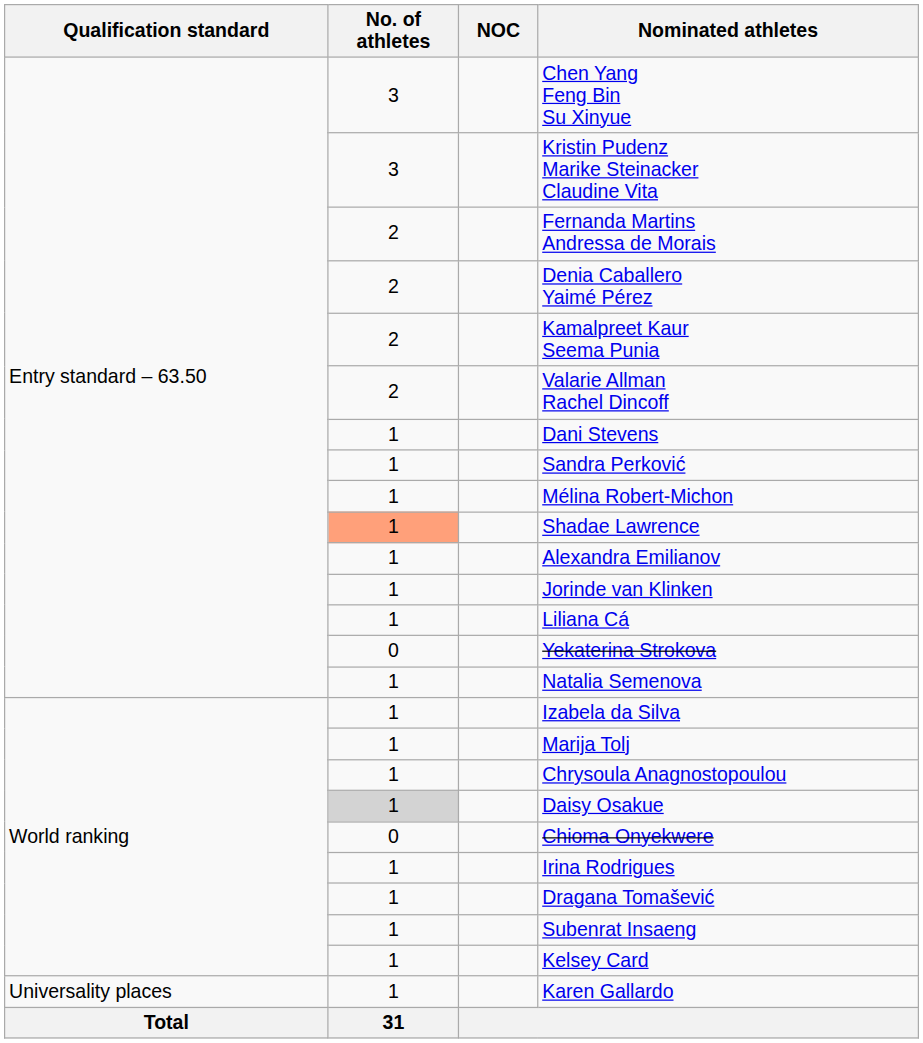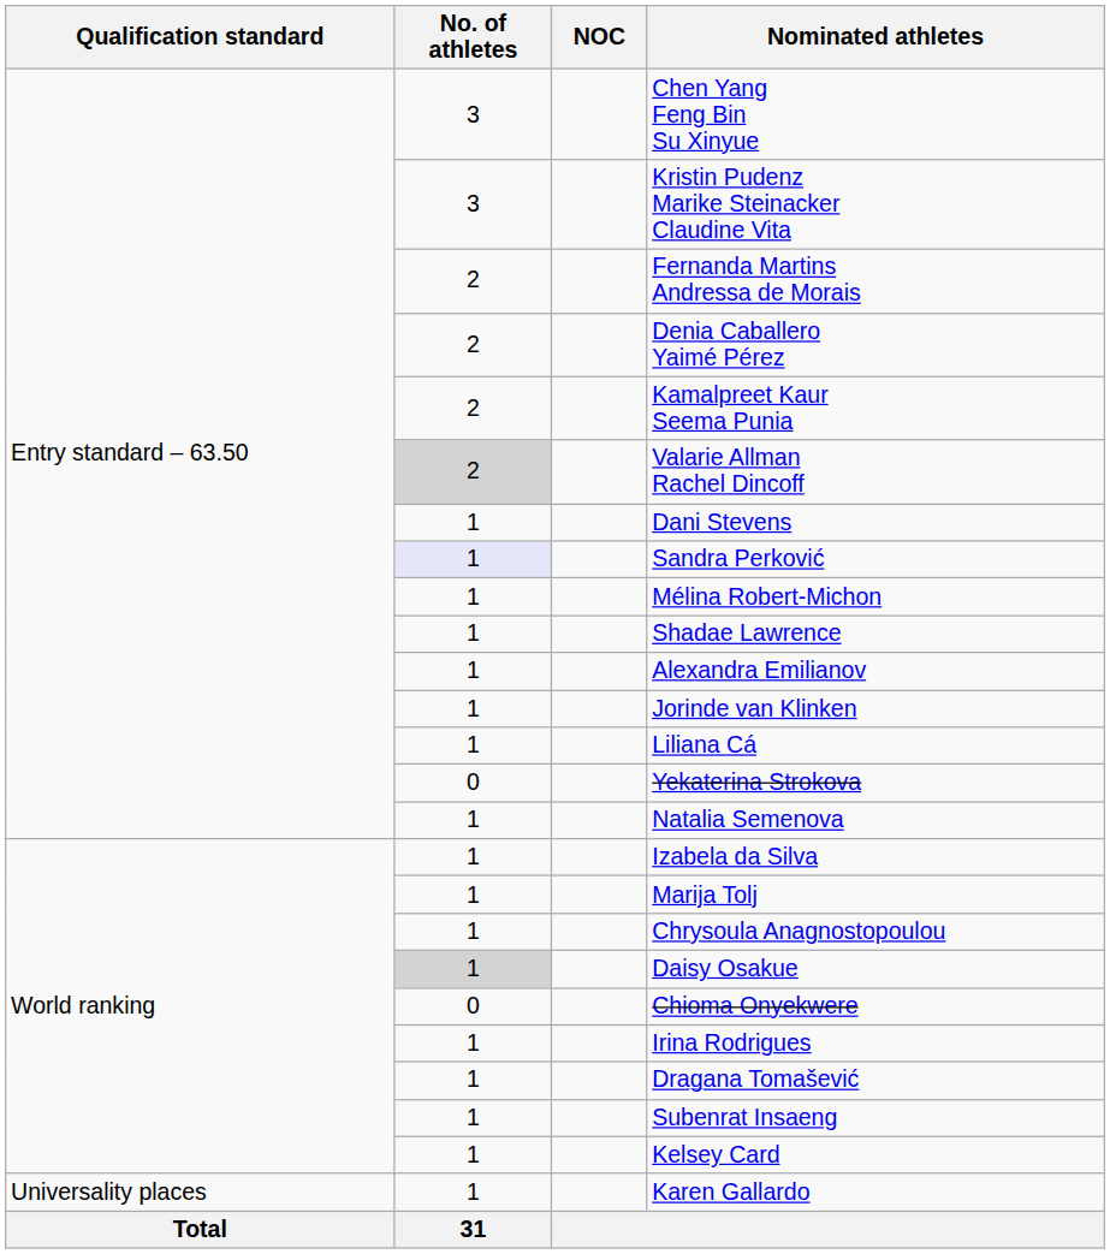 <table class="wikitable" style="text-align:left; width:750px;">
 <tr>
 <th>Qualification standard</th>
 <th width=100>No. of athletes</th>
 <th>NOC</th>
 <th>Nominated athletes</th>
 </tr>
 <tr>
 <td rowspan=15>Entry standard – 63.50</td>
 <td align=center>3</td>
 <td></td>
 <td><a href='#'>Chen Yang</a><br><a href='#'>Feng Bin</a><br><a href='#'>Su Xinyue</a></td>
 </tr>
 <tr>
 <td align=center>3</td>
 <td></td>
 <td><a href='#'>Kristin Pudenz</a><br><a href='#'>Marike Steinacker</a><br><a href='#'>Claudine Vita</a></td>
 </tr>
 <tr>
 <td align=center>2</td>
 <td></td>
 <td><a href='#'>Fernanda Martins</a><br><a href='#'>Andressa de Morais</a></td>
 </tr>
 <tr>
 <td align=center>2</td>
 <td></td>
 <td><a href='#'>Denia Caballero</a><br><a href='#'>Yaimé Pérez</a></td>
 </tr>
 <tr>
 <td align=center>2</td>
 <td></td>
 <td><a href='#'>Kamalpreet Kaur</a><br><a href='#'>Seema Punia</a></td>
 </tr>
 <tr>
-<td align=center>2</td>
+<td align=center style="background: lightgrey;">2</td>
 <td></td>
 <td><a href='#'>Valarie Allman</a><br><a href='#'>Rachel Dincoff</a></td>
 </tr>
 <tr>
 <td align=center>1</td>
 <td></td>
 <td><a href='#'>Dani Stevens</a></td>
 </tr>
 <tr>
-<td align=center>1</td>
+<td align=center style="background: lavender;">1</td>
 <td></td>
 <td><a href='#'>Sandra Perković</a></td>
 </tr>
 <tr>
 <td align=center>1</td>
 <td></td>
 <td><a href='#'>Mélina Robert-Michon</a></td>
 </tr>
 <tr>
-<td align=center style="background: lightsalmon;">1</td>
+<td align=center>1</td>
 <td></td>
 <td><a href='#'>Shadae Lawrence</a></td>
 </tr>
 <tr>
 <td align=center>1</td>
 <td></td>
 <td><a href='#'>Alexandra Emilianov</a></td>
 </tr>
 <tr>
 <td align=center>1</td>
 <td></td>
 <td><a href='#'>Jorinde van Klinken</a></td>
 </tr>
 <tr>
 <td align=center>1</td>
 <td></td>
 <td><a href='#'>Liliana Cá</a></td>
 </tr>
 <tr>
 <td align=center>0</td>
 <td></td>
 <td><s><a href='#'>Yekaterina Strokova</a></s></td>
 </tr>
 <tr>
 <td align=center>1</td>
 <td></td>
 <td><a href='#'>Natalia Semenova</a></td>
 </tr>
 <tr>
 <td rowspan=9>World ranking</td>
 <td align=center>1</td>
 <td></td>
 <td><a href='#'>Izabela da Silva</a></td>
 </tr>
 <tr>
 <td align=center>1</td>
 <td></td>
 <td><a href='#'>Marija Tolj</a></td>
 </tr>
 <tr>
 <td align=center>1</td>
 <td></td>
 <td><a href='#'>Chrysoula Anagnostopoulou</a></td>
 </tr>
 <tr>
 <td align=center style="background: lightgrey;">1</td>
 <td></td>
 <td><a href='#'>Daisy Osakue</a></td>
 </tr>
 <tr>
 <td align=center>0</td>
 <td></td>
 <td><s><a href='#'>Chioma Onyekwere</a></s></td>
 </tr>
 <tr>
 <td align=center>1</td>
 <td></td>
 <td><a href='#'>Irina Rodrigues</a></td>
 </tr>
 <tr>
 <td align=center>1</td>
 <td></td>
 <td><a href='#'>Dragana Tomašević</a></td>
 </tr>
 <tr>
 <td align=center>1</td>
 <td></td>
 <td><a href='#'>Subenrat Insaeng</a></td>
 </tr>
 <tr>
 <td align=center>1</td>
 <td></td>
 <td><a href='#'>Kelsey Card</a></td>
 </tr>
 <tr>
 <td>Universality places</td>
 <td align=center>1</td>
 <td></td>
 <td><a href='#'>Karen Gallardo</a></td>
 </tr>
 <tr>
 <th>Total</th>
 <th>31</th>
 <th colspan=2></th>
 </tr>
 </table>
